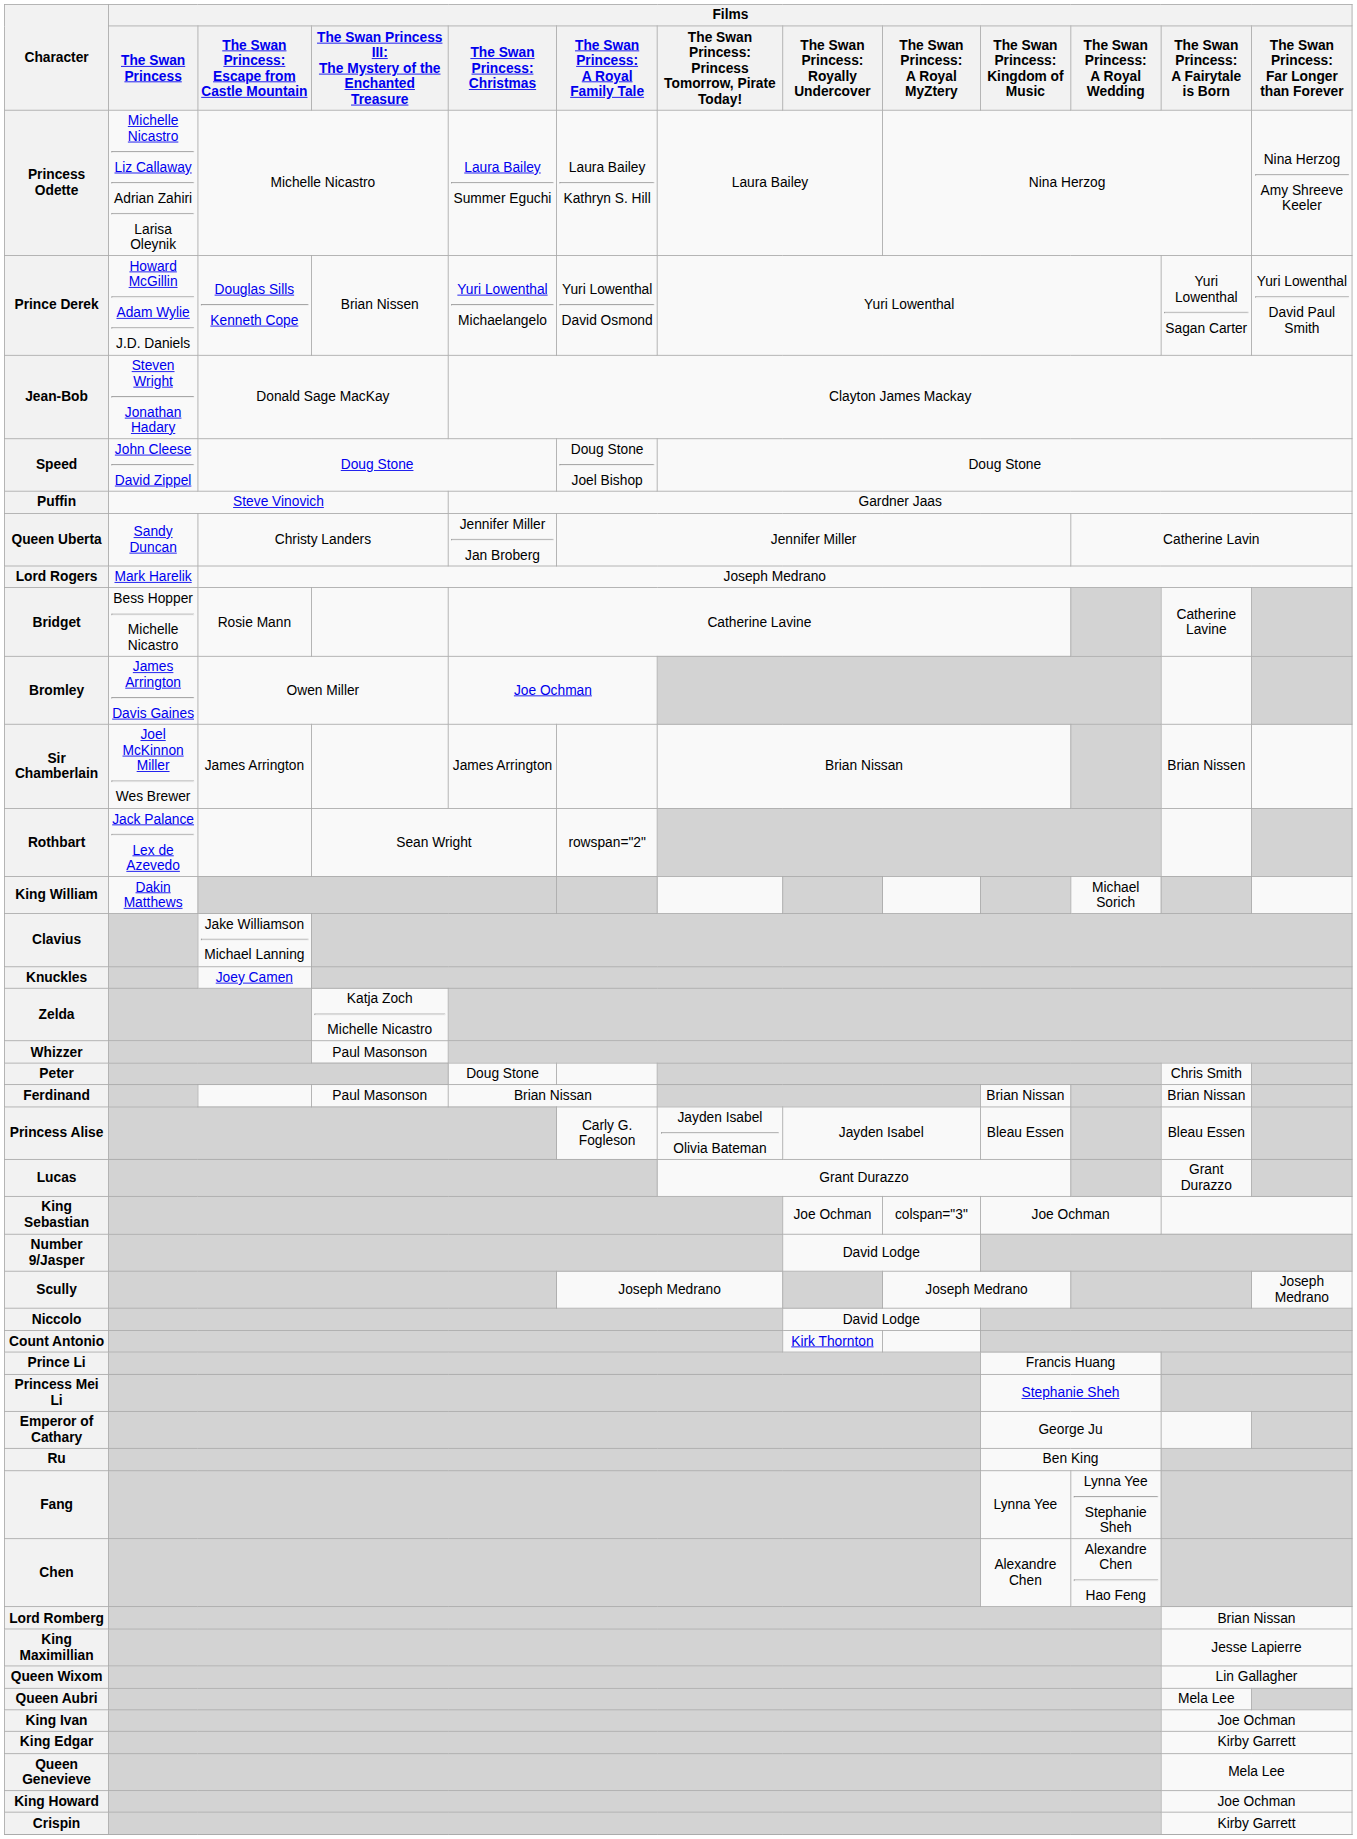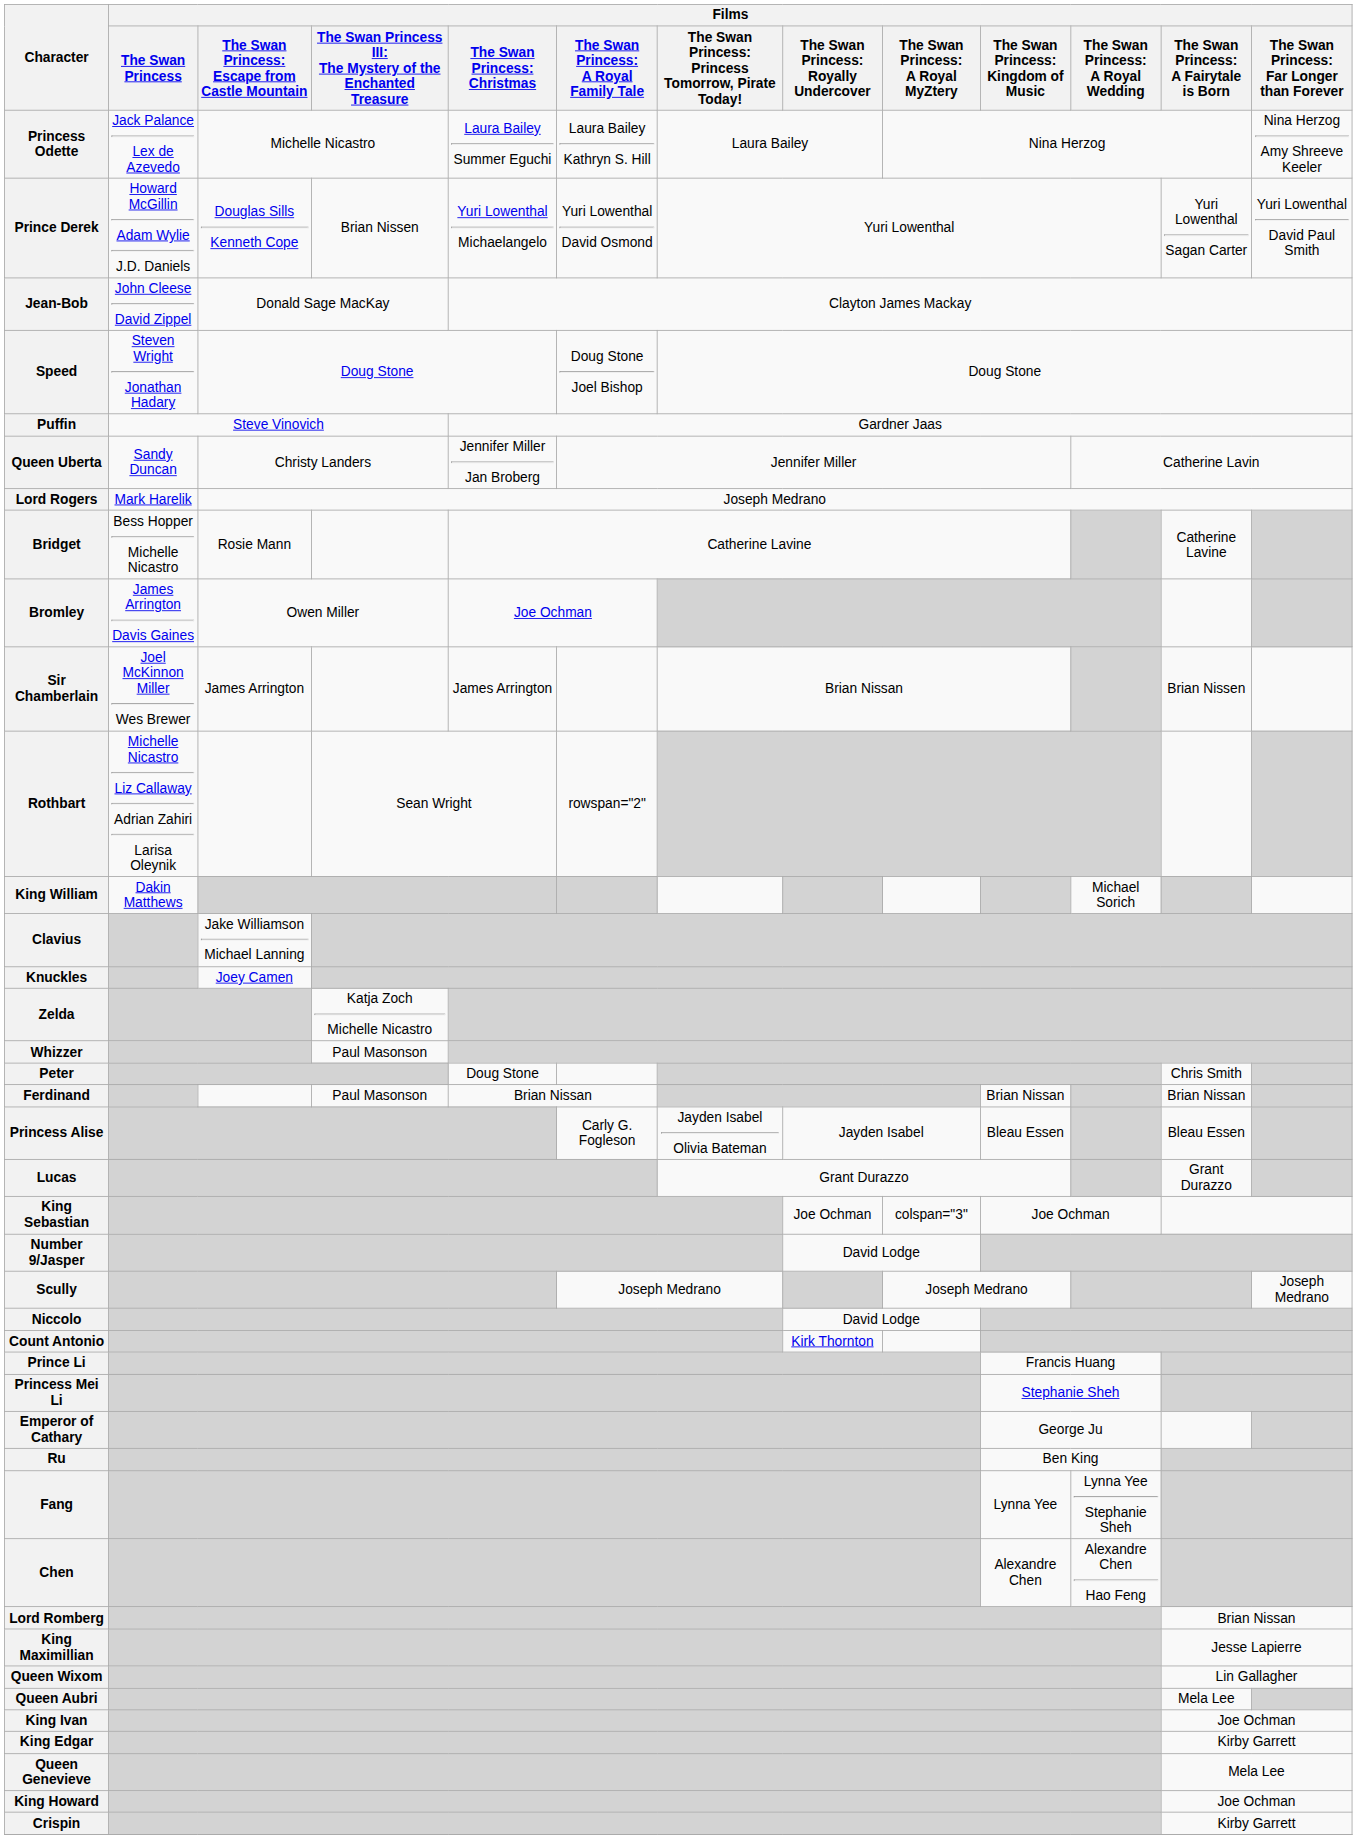 <table class="wikitable" style="text-align:center;">
 <tr>
 <th rowspan="2">Character</th>
 <th colspan="12">Films</th>
 </tr>
 <tr>
 <th><a href='#'>The Swan Princess</a></th>
 <th><a href='#'>The Swan Princess:<br>Escape from Castle Mountain</a></th>
 <th><a href='#'>The Swan Princess III:<br>The Mystery of the Enchanted Treasure</a></th>
 <th><a href='#'>The Swan Princess:<br>Christmas</a></th>
 <th><a href='#'>The Swan Princess:<br>A Royal Family Tale</a></th>
 <th>The Swan Princess:<br>Princess Tomorrow, Pirate Today!</th>
 <th>The Swan Princess:<br>Royally Undercover</th>
 <th>The Swan Princess:<br>A Royal MyZtery</th>
 <th>The Swan Princess:<br>Kingdom of Music</th>
 <th>The Swan Princess:<br>A Royal Wedding</th>
 <th>The Swan Princess:<br>A Fairytale is Born</th>
 <th>The Swan Princess:<br>Far Longer than Forever</th>
 </tr>
 <tr>
 <th>Princess Odette</th>
-<td><a href='#'>Michelle Nicastro</a><hr><a href='#'>Liz Callaway</a><hr>Adrian Zahiri<hr>Larisa Oleynik</td>
+<td><a href='#'>Jack Palance</a><hr><a href='#'>Lex de Azevedo</a></td>
 <td colspan="2">Michelle Nicastro</td>
 <td><a href='#'>Laura Bailey</a><hr>Summer Eguchi</td>
 <td>Laura Bailey<hr>Kathryn S. Hill</td>
 <td colspan="2">Laura Bailey</td>
 <td colspan="4">Nina Herzog</td>
 <td>Nina Herzog<hr>Amy Shreeve Keeler</td>
 </tr>
 <tr>
 <th>Prince Derek</th>
 <td><a href='#'>Howard McGillin</a><hr><a href='#'>Adam Wylie</a><hr> J.D. Daniels</td>
 <td><a href='#'>Douglas Sills</a><hr><a href='#'>Kenneth Cope</a></td>
 <td>Brian Nissen</td>
 <td><a href='#'>Yuri Lowenthal</a><hr>Michaelangelo</td>
 <td>Yuri Lowenthal<hr>David Osmond</td>
 <td colspan="5">Yuri Lowenthal</td>
 <td>Yuri Lowenthal<hr>Sagan Carter</td>
 <td>Yuri Lowenthal<hr>David Paul Smith</td>
 </tr>
 <tr>
 <th>Jean-Bob</th>
-<td><a href='#'>Steven Wright</a><hr><a href='#'>Jonathan Hadary</a></td>
+<td><a href='#'>John Cleese</a><hr><a href='#'>David Zippel</a></td>
 <td colspan="2">Donald Sage MacKay</td>
 <td colspan="9">Clayton James Mackay</td>
 </tr>
 <tr>
 <th>Speed</th>
-<td><a href='#'>John Cleese</a><hr><a href='#'>David Zippel</a></td>
+<td><a href='#'>Steven Wright</a><hr><a href='#'>Jonathan Hadary</a></td>
 <td colspan="3"><a href='#'>Doug Stone</a></td>
 <td>Doug Stone<hr>Joel Bishop</td>
 <td colspan="7">Doug Stone</td>
 </tr>
 <tr>
 <th>Puffin</th>
 <td colspan="3"><a href='#'>Steve Vinovich</a></td>
 <td colspan="9">Gardner Jaas</td>
 </tr>
 <tr>
 <th>Queen Uberta</th>
 <td><a href='#'>Sandy Duncan</a></td>
 <td colspan="2">Christy Landers</td>
 <td>Jennifer Miller<hr>Jan Broberg</td>
 <td colspan="5">Jennifer Miller</td>
 <td colspan="3">Catherine Lavin</td>
 </tr>
 <tr>
 <th>Lord Rogers</th>
 <td><a href='#'>Mark Harelik</a></td>
 <td colspan="11">Joseph Medrano</td>
 </tr>
 <tr>
 <th>Bridget</th>
 <td>Bess Hopper<hr>Michelle Nicastro</td>
 <td>Rosie Mann</td>
 <td></td>
 <td colspan="6">Catherine Lavine</td>
 <td colspan="1" style="background:lightgrey;"></td>
 <td>Catherine Lavine</td>
 <td colspan="1" style="background:lightgrey;"></td>
 </tr>
 <tr>
 <th>Bromley</th>
 <td><a href='#'>James Arrington</a><hr><a href='#'>Davis Gaines</a></td>
 <td colspan="2">Owen Miller</td>
 <td colspan="2"><a href='#'>Joe Ochman</a></td>
 <td colspan="5" style="background:lightgrey;"></td>
 <td></td>
 <td colspan="1" style="background:lightgrey;"></td>
 </tr>
 <tr>
 <th>Sir Chamberlain</th>
 <td><a href='#'>Joel McKinnon Miller</a><hr>Wes Brewer</td>
 <td>James Arrington</td>
 <td></td>
 <td>James Arrington</td>
 <td></td>
 <td colspan="4">Brian Nissan</td>
 <td colspan="1" style="background:lightgrey;"></td>
 <td>Brian Nissen</td>
 <td></td>
 </tr>
 <tr>
 <th>Rothbart</th>
-<td><a href='#'>Jack Palance</a><hr><a href='#'>Lex de Azevedo</a></td>
+<td><a href='#'>Michelle Nicastro</a><hr><a href='#'>Liz Callaway</a><hr>Adrian Zahiri<hr>Larisa Oleynik</td>
 <td></td>
 <td colspan="2">Sean Wright</td>
 <td>rowspan="2" </td>
 <td colspan="5" style="background:lightgrey;"></td>
 <td></td>
 <td colspan="1" style="background:lightgrey;"></td>
 </tr>
 <tr>
 <th>King William</th>
 <td><a href='#'>Dakin Matthews</a></td>
 <td colspan="3" style="background:lightgrey;"></td>
 <td style="background:lightgrey;"></td>
 <td></td>
 <td colspan="1" style="background:lightgrey;"></td>
 <td></td>
 <td colspan="1" style="background:lightgrey;"></td>
 <td>Michael Sorich</td>
 <td colspan="1" style="background:lightgrey;"></td>
 </tr>
 <tr>
 <th>Clavius</th>
 <td colspan="1" style="background:lightgrey;"></td>
 <td>Jake Williamson<hr>Michael Lanning</td>
 <td colspan="10" style="background:lightgrey;"></td>
 </tr>
 <tr>
 <th>Knuckles</th>
 <td colspan="1" style="background:lightgrey;"></td>
 <td><a href='#'>Joey Camen</a></td>
 <td colspan="10" style="background:lightgrey;"></td>
 </tr>
 <tr>
 <th>Zelda</th>
 <td colspan="2" style="background:lightgrey;"></td>
 <td>Katja Zoch<hr>Michelle Nicastro</td>
 <td colspan="9" style="background:lightgrey;"></td>
 </tr>
 <tr>
 <th>Whizzer</th>
 <td colspan="2" style="background:lightgrey;"></td>
 <td>Paul Masonson</td>
 <td colspan="9" style="background:lightgrey;"></td>
 </tr>
 <tr>
 <th>Peter</th>
 <td colspan="3" style="background:lightgrey;"></td>
 <td>Doug Stone</td>
 <td></td>
 <td colspan="5" style="background:lightgrey;"></td>
 <td>Chris Smith</td>
 <td colspan="1" style="background:lightgrey;"></td>
 </tr>
 <tr>
 <th>Ferdinand</th>
 <td colspan="1" style="background:lightgrey;"></td>
 <td></td>
 <td>Paul Masonson</td>
 <td colspan="2">Brian Nissan</td>
 <td colspan="3" style="background:lightgrey;"></td>
 <td>Brian Nissan</td>
 <td colspan="1" style="background:lightgrey;"></td>
 <td>Brian Nissan</td>
 <td colspan="1" style="background:lightgrey;"></td>
 </tr>
 <tr>
 <th>Princess Alise</th>
 <td colspan="4" style="background:lightgrey;"></td>
 <td>Carly G. Fogleson</td>
 <td>Jayden Isabel<hr>Olivia Bateman</td>
 <td colspan="2">Jayden Isabel</td>
 <td>Bleau Essen</td>
 <td colspan="1" style="background:lightgrey;"></td>
 <td>Bleau Essen</td>
 <td colspan="1" style="background:lightgrey;"></td>
 </tr>
 <tr>
 <th>Lucas</th>
 <td colspan="5" style="background:lightgrey;"></td>
 <td colspan="4">Grant Durazzo</td>
 <td colspan="1" style="background:lightgrey;"></td>
 <td>Grant Durazzo</td>
 <td colspan="1" style="background:lightgrey;"></td>
 </tr>
 <tr>
 <th>King Sebastian</th>
 <td colspan="6" style="background:lightgrey;"></td>
 <td>Joe Ochman</td>
 <td>colspan="3" </td>
 <td colspan="2">Joe Ochman</td>
 </tr>
 <tr>
 <th>Number 9/Jasper</th>
 <td colspan="6" style="background:lightgrey;"></td>
 <td colspan="2">David Lodge</td>
 <td colspan="4" style="background:lightgrey;"></td>
 </tr>
 <tr>
 <th>Scully</th>
 <td colspan="4" style="background:lightgrey;"></td>
 <td colspan="2">Joseph Medrano</td>
 <td colspan="1" style="background:lightgrey;"></td>
 <td colspan="2">Joseph Medrano</td>
 <td colspan="2" style="background:lightgrey;"></td>
 <td>Joseph Medrano</td>
 </tr>
 <tr>
 <th>Niccolo</th>
 <td colspan="6" style="background:lightgrey;"></td>
 <td colspan="2">David Lodge</td>
 <td colspan="4" style="background:lightgrey;"></td>
 </tr>
 <tr>
 <th>Count Antonio</th>
 <td colspan="6" style="background:lightgrey;"></td>
 <td colspan="1"><a href='#'>Kirk Thornton</a></td>
 <td></td>
 <td colspan="4" style="background:lightgrey;"></td>
 </tr>
 <tr>
 <th>Prince Li</th>
 <td colspan="8" style="background:lightgrey;"></td>
 <td colspan="2">Francis Huang</td>
 <td colspan="2" style="background:lightgrey;"></td>
 </tr>
 <tr>
 <th>Princess Mei Li</th>
 <td colspan="8" style="background:lightgrey;"></td>
 <td colspan="2"><a href='#'>Stephanie Sheh</a></td>
 <td colspan="2" style="background:lightgrey;"></td>
 </tr>
 <tr>
 <th>Emperor of Cathary</th>
 <td colspan="8" style="background:lightgrey;"></td>
 <td colspan="2">George Ju</td>
 <td></td>
 <td colspan="1" style="background:lightgrey;"></td>
 </tr>
 <tr>
 <th>Ru</th>
 <td colspan="8" style="background:lightgrey;"></td>
 <td colspan="2">Ben King</td>
 <td colspan="2" style="background:lightgrey;"></td>
 </tr>
 <tr>
 <th>Fang</th>
 <td colspan="8" style="background:lightgrey;"></td>
 <td>Lynna Yee</td>
 <td>Lynna Yee<hr>Stephanie Sheh</td>
 <td colspan="2" style="background:lightgrey;"></td>
 </tr>
 <tr>
 <th>Chen</th>
 <td colspan="8" style="background:lightgrey;"></td>
 <td>Alexandre Chen</td>
 <td>Alexandre Chen<hr>Hao Feng</td>
 <td colspan="2" style="background:lightgrey;"></td>
 </tr>
 <tr>
 <th>Lord Romberg</th>
 <td colspan="10" style="background:lightgrey;"></td>
 <td colspan="2">Brian Nissan</td>
 </tr>
 <tr>
 <th>King Maximillian</th>
 <td colspan="10" style="background:lightgrey;"></td>
 <td colspan="2">Jesse Lapierre</td>
 </tr>
 <tr>
 <th>Queen Wixom</th>
 <td colspan="10" style="background:lightgrey;"></td>
 <td colspan="2">Lin Gallagher</td>
 </tr>
 <tr>
 <th>Queen Aubri</th>
 <td colspan="10" style="background:lightgrey;"></td>
 <td>Mela Lee</td>
 <td colspan="1" style="background:lightgrey;"></td>
 </tr>
 <tr>
 <th>King Ivan</th>
 <td colspan="10" style="background:lightgrey;"></td>
 <td colspan="2">Joe Ochman</td>
 </tr>
 <tr>
 <th>King Edgar</th>
 <td colspan="10" style="background:lightgrey;"></td>
 <td colspan="2">Kirby Garrett</td>
 </tr>
 <tr>
 <th>Queen Genevieve</th>
 <td colspan="10" style="background:lightgrey;"></td>
 <td colspan="2">Mela Lee</td>
 </tr>
 <tr>
 <th>King Howard</th>
 <td colspan="10" style="background:lightgrey;"></td>
 <td colspan="2">Joe Ochman</td>
 </tr>
 <tr>
 <th>Crispin</th>
 <td colspan="10" style="background:lightgrey;"></td>
 <td colspan="2">Kirby Garrett</td>
 </tr>
 <tr>
 </tr>
 </table>
